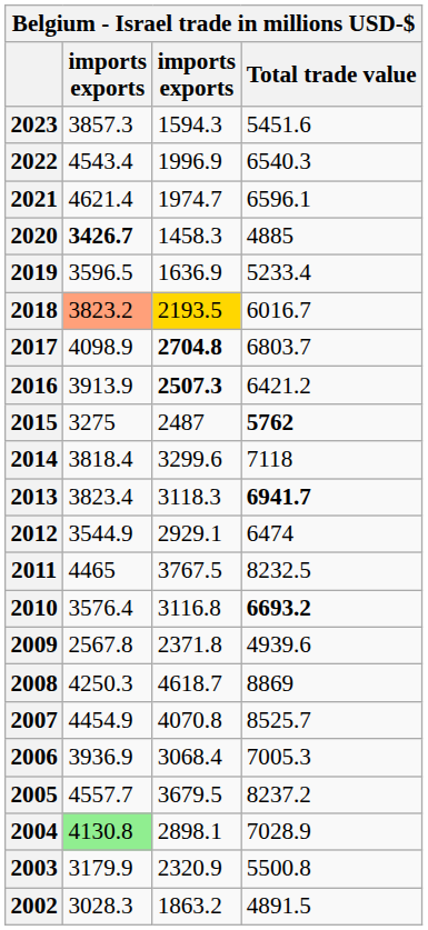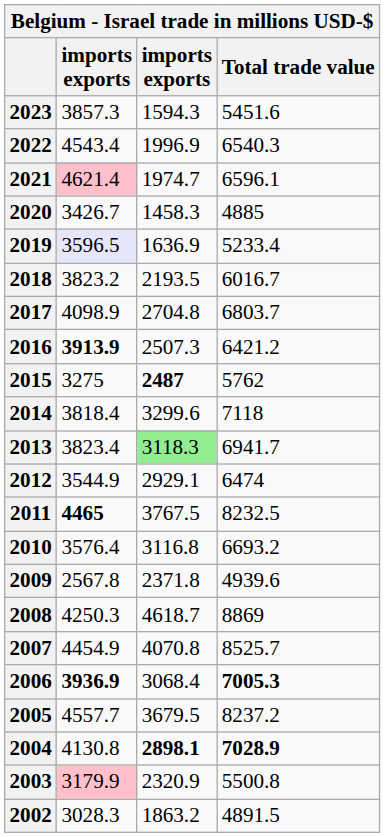 <table class="wikitable mw-collapsible mw-collapsed">
 <tr>
 <th colspan="4">Belgium - Israel trade in millions USD-$</th>
 </tr>
 <tr>
 <th></th>
 <th> imports<br> exports</th>
 <th> imports<br> exports</th>
 <th>Total trade value</th>
 </tr>
 <tr>
 <th>2023</th>
 <td>3857.3</td>
 <td>1594.3</td>
 <td>5451.6</td>
 </tr>
 <tr>
 <th>2022</th>
 <td>4543.4</td>
 <td>1996.9</td>
 <td>6540.3</td>
 </tr>
 <tr>
 <th>2021</th>
-<td>4621.4</td>
+<td style="background: pink;">4621.4</td>
 <td>1974.7</td>
 <td>6596.1</td>
 </tr>
 <tr>
 <th>2020</th>
-<td><strong>3426.7</strong></td>
+<td>3426.7</td>
 <td>1458.3</td>
 <td>4885</td>
 </tr>
 <tr>
 <th>2019</th>
-<td>3596.5</td>
+<td style="background: lavender;">3596.5</td>
 <td>1636.9</td>
 <td>5233.4</td>
 </tr>
 <tr>
 <th>2018</th>
-<td style="background: lightsalmon;">3823.2</td>
-<td style="background: gold;">2193.5</td>
+<td>3823.2</td>
+<td>2193.5</td>
 <td>6016.7</td>
 </tr>
 <tr>
 <th>2017</th>
 <td>4098.9</td>
-<td><strong>2704.8</strong></td>
+<td>2704.8</td>
 <td>6803.7</td>
 </tr>
 <tr>
 <th>2016</th>
-<td>3913.9</td>
-<td><strong>2507.3</strong></td>
+<td><strong>3913.9</strong></td>
+<td>2507.3</td>
 <td>6421.2</td>
 </tr>
 <tr>
 <th>2015</th>
 <td>3275</td>
-<td>2487</td>
-<td><strong>5762</strong></td>
+<td><strong>2487</strong></td>
+<td>5762</td>
 </tr>
 <tr>
 <th>2014</th>
 <td>3818.4</td>
 <td>3299.6</td>
 <td>7118</td>
 </tr>
 <tr>
 <th>2013</th>
 <td>3823.4</td>
-<td>3118.3</td>
-<td><strong>6941.7</strong></td>
+<td style="background: lightgreen;">3118.3</td>
+<td>6941.7</td>
 </tr>
 <tr>
 <th>2012</th>
 <td>3544.9</td>
 <td>2929.1</td>
 <td>6474</td>
 </tr>
 <tr>
 <th>2011</th>
-<td>4465</td>
+<td><strong>4465</strong></td>
 <td>3767.5</td>
 <td>8232.5</td>
 </tr>
 <tr>
 <th>2010</th>
 <td>3576.4</td>
 <td>3116.8</td>
-<td><strong>6693.2</strong></td>
+<td>6693.2</td>
 </tr>
 <tr>
 <th>2009</th>
 <td>2567.8</td>
 <td>2371.8</td>
 <td>4939.6</td>
 </tr>
 <tr>
 <th>2008</th>
 <td>4250.3</td>
 <td>4618.7</td>
 <td>8869</td>
 </tr>
 <tr>
 <th>2007</th>
 <td>4454.9</td>
 <td>4070.8</td>
 <td>8525.7</td>
 </tr>
 <tr>
 <th>2006</th>
-<td>3936.9</td>
+<td><strong>3936.9</strong></td>
 <td>3068.4</td>
-<td>7005.3</td>
+<td><strong>7005.3</strong></td>
 </tr>
 <tr>
 <th>2005</th>
 <td>4557.7</td>
 <td>3679.5</td>
 <td>8237.2</td>
 </tr>
 <tr>
 <th>2004</th>
-<td style="background: lightgreen;">4130.8</td>
-<td>2898.1</td>
-<td>7028.9</td>
+<td>4130.8</td>
+<td><strong>2898.1</strong></td>
+<td><strong>7028.9</strong></td>
 </tr>
 <tr>
 <th>2003</th>
-<td>3179.9</td>
+<td style="background: pink;">3179.9</td>
 <td>2320.9</td>
 <td>5500.8</td>
 </tr>
 <tr>
 <th>2002</th>
 <td>3028.3</td>
 <td>1863.2</td>
 <td>4891.5</td>
 </tr>
 </table>
